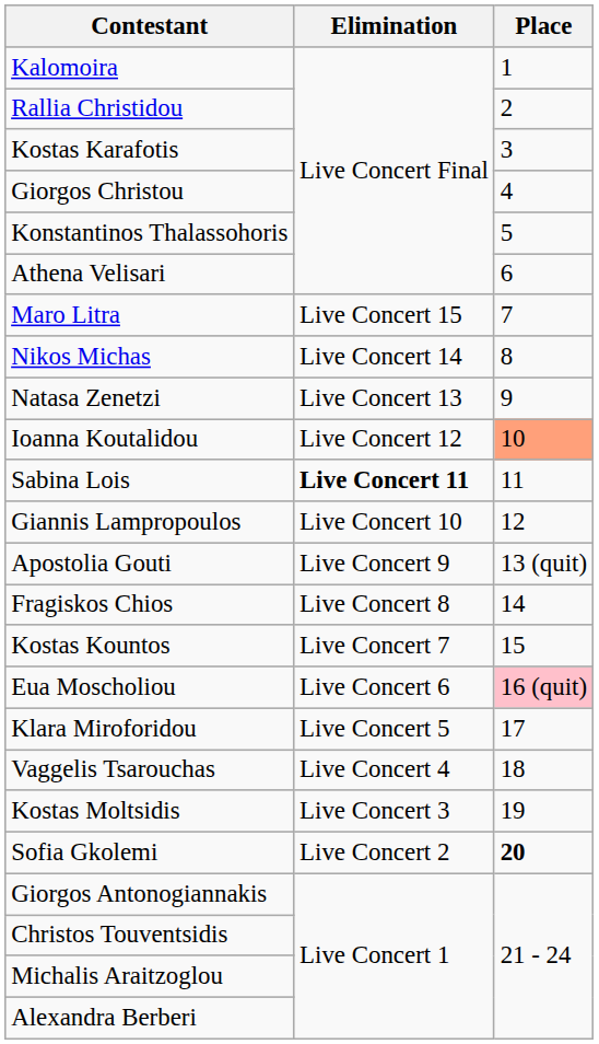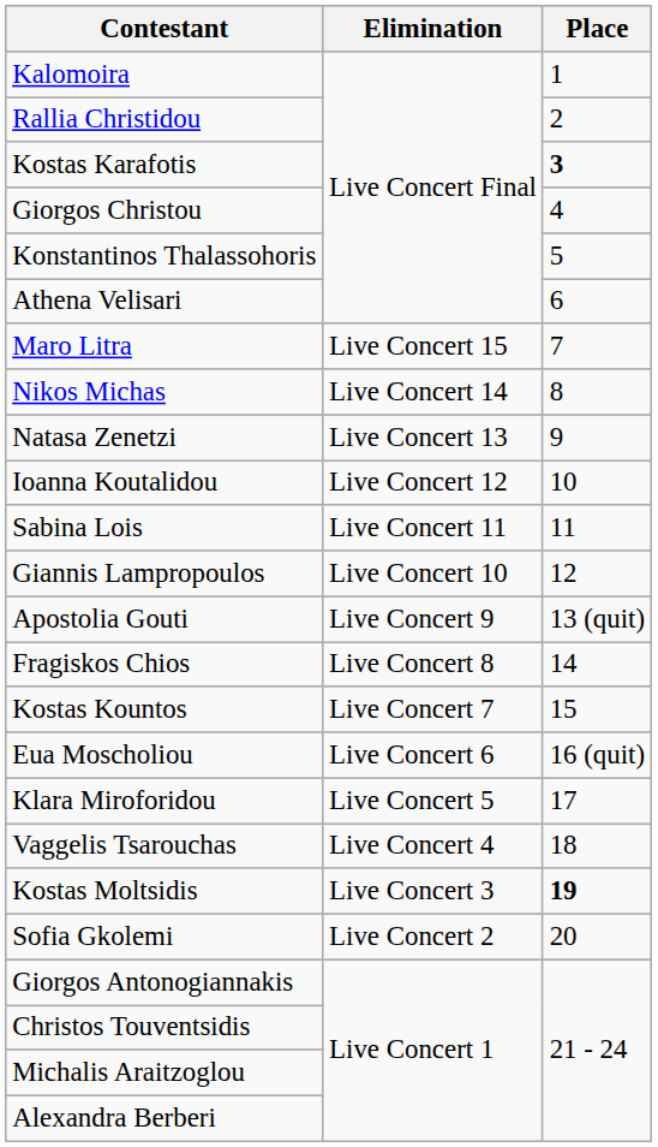 <table class="wikitable" style="font-size:90%;">
 <tr>
 <th>Contestant</th>
 <th>Elimination</th>
 <th>Place</th>
 </tr>
 <tr>
 <td><a href='#'>Kalomoira</a></td>
 <td rowspan="6">Live Concert Final</td>
 <td>1</td>
 </tr>
 <tr>
 <td><a href='#'>Rallia Christidou</a></td>
 <td>2</td>
 </tr>
 <tr>
 <td>Kostas Karafotis</td>
-<td>3</td>
+<td><strong>3</strong></td>
 </tr>
 <tr>
 <td>Giorgos Christou</td>
 <td>4</td>
 </tr>
 <tr>
 <td>Konstantinos Thalassohoris</td>
 <td>5</td>
 </tr>
 <tr>
 <td>Athena Velisari </td>
 <td>6</td>
 </tr>
 <tr>
 <td><a href='#'>Maro Litra</a></td>
 <td>Live Concert 15</td>
 <td>7</td>
 </tr>
 <tr>
 <td><a href='#'>Nikos Michas</a></td>
 <td>Live Concert 14</td>
 <td>8</td>
 </tr>
 <tr>
 <td>Natasa Zenetzi </td>
 <td>Live Concert 13</td>
 <td>9</td>
 </tr>
 <tr>
 <td>Ioanna Koutalidou</td>
 <td>Live Concert 12</td>
-<td style="background: lightsalmon;">10</td>
+<td>10</td>
 </tr>
 <tr>
 <td>Sabina Lois</td>
-<td><strong>Live Concert 11</strong></td>
+<td>Live Concert 11</td>
 <td>11</td>
 </tr>
 <tr>
 <td>Giannis Lampropoulos </td>
 <td>Live Concert 10</td>
 <td>12</td>
 </tr>
 <tr>
 <td>Apostolia Gouti</td>
 <td>Live Concert 9</td>
 <td>13 (quit)</td>
 </tr>
 <tr>
 <td>Fragiskos Chios </td>
 <td>Live Concert 8</td>
 <td>14</td>
 </tr>
 <tr>
 <td>Kostas Kountos</td>
 <td>Live Concert 7</td>
 <td>15</td>
 </tr>
 <tr>
 <td>Eua Moscholiou</td>
 <td>Live Concert 6</td>
-<td style="background: pink;">16 (quit)</td>
+<td>16 (quit)</td>
 </tr>
 <tr>
 <td>Klara Miroforidou</td>
 <td>Live Concert 5</td>
 <td>17</td>
 </tr>
 <tr>
 <td>Vaggelis Tsarouchas</td>
 <td>Live Concert 4</td>
 <td>18</td>
 </tr>
 <tr>
 <td>Kostas Moltsidis</td>
 <td>Live Concert 3</td>
-<td>19</td>
+<td><strong>19</strong></td>
 </tr>
 <tr>
 <td>Sofia Gkolemi</td>
 <td>Live Concert 2</td>
-<td><strong>20</strong></td>
+<td>20</td>
 </tr>
 <tr>
 <td>Giorgos Antonogiannakis</td>
 <td rowspan="4">Live Concert 1</td>
 <td rowspan="4">21 - 24</td>
 </tr>
 <tr>
 <td>Christos Touventsidis</td>
 </tr>
 <tr>
 <td>Michalis Araitzoglou</td>
 </tr>
 <tr>
 <td>Alexandra Berberi</td>
 </tr>
 </table>
